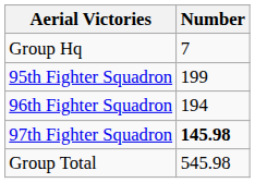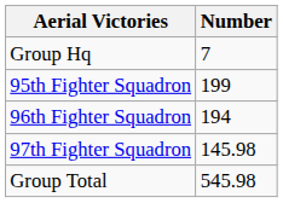 <table class="wikitable">
 <tr>
 <th>Aerial Victories</th>
 <th>Number</th>
 </tr>
 <tr>
 <td>Group Hq</td>
 <td>7 </td>
 </tr>
 <tr>
 <td><a href='#'>95th Fighter Squadron</a></td>
 <td>199</td>
 </tr>
 <tr>
 <td><a href='#'>96th Fighter Squadron</a></td>
 <td>194</td>
 </tr>
 <tr>
 <td><a href='#'>97th Fighter Squadron</a></td>
-<td><strong>145.98</strong></td>
+<td>145.98</td>
 </tr>
 <tr>
 <td>Group Total</td>
 <td>545.98</td>
 </tr>
 </table>
